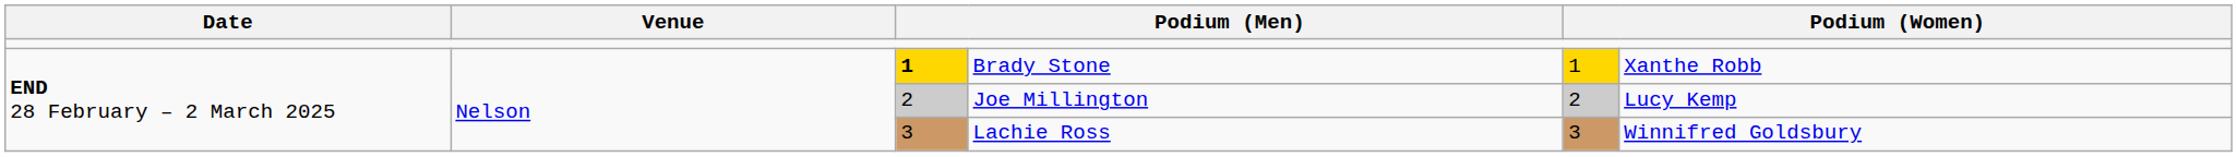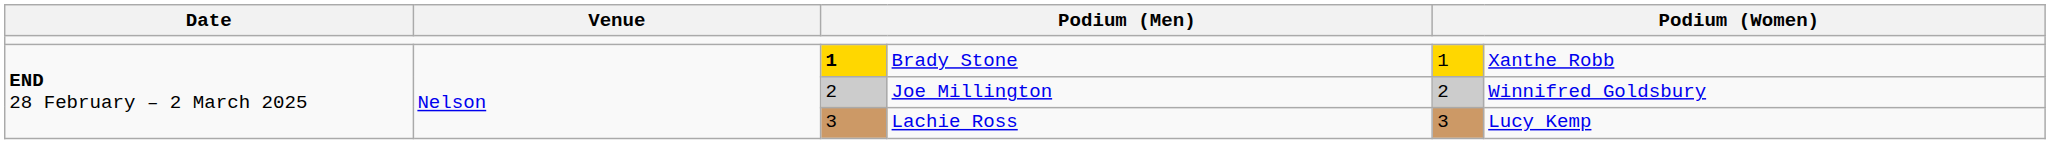 <table class="wikitable" width=70%>
 <tr>
 <th>Date</th>
 <th width=20%>Venue</th>
 <th colspan=2 width=30%>Podium (Men)</th>
 <th colspan=2 width=30%>Podium (Women)</th>
 </tr>
 <tr>
 <td colspan=6></td>
 </tr>
 <tr>
 <td rowspan=3><strong>END</strong> <br> 28 February – 2 March 2025</td>
 <td rowspan=3><br><a href='#'>Nelson</a></td>
 <td bgcolor=FFD700><strong>1</strong></td>
 <td><a href='#'>Brady Stone</a></td>
 <td bgcolor=FFD700>1</td>
 <td><a href='#'>Xanthe Robb</a></td>
 </tr>
 <tr>
 <td bgcolor=CCCCCC>2</td>
 <td><a href='#'>Joe Millington</a></td>
 <td bgcolor=CCCCCC>2</td>
-<td><a href='#'>Lucy Kemp</a></td>
+<td><a href='#'>Winnifred Goldsbury</a></td>
 </tr>
 <tr>
 <td bgcolor=CC9966>3</td>
 <td><a href='#'>Lachie Ross</a></td>
 <td bgcolor=CC9966>3</td>
-<td><a href='#'>Winnifred Goldsbury</a></td>
+<td><a href='#'>Lucy Kemp</a></td>
 </tr>
 </table>
